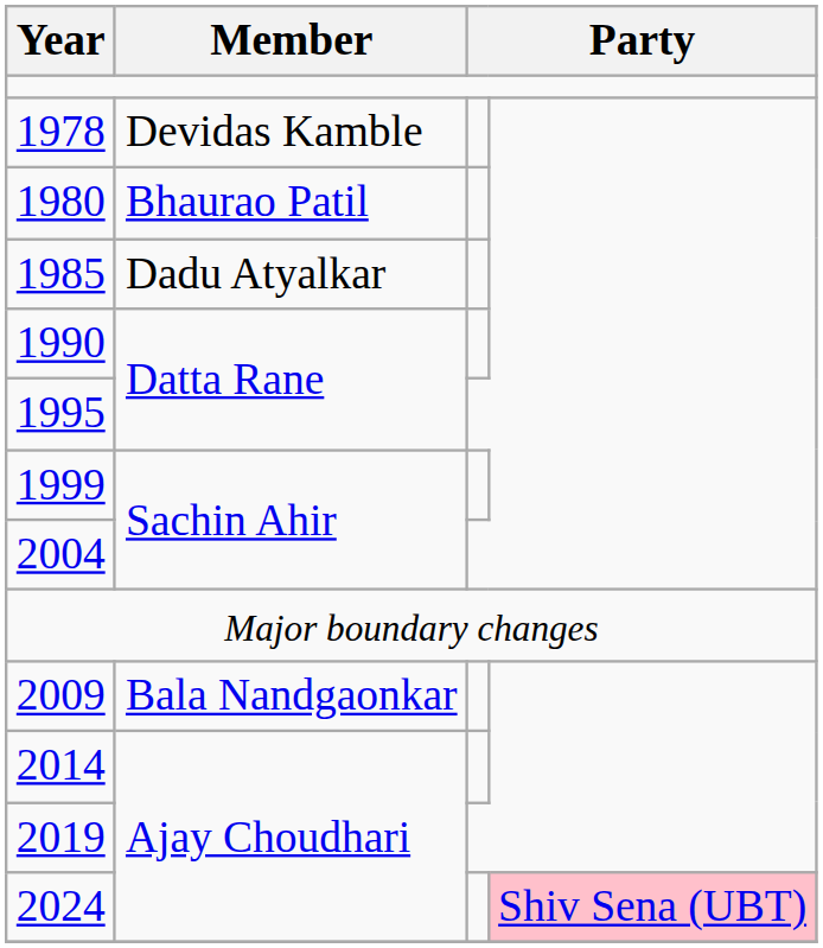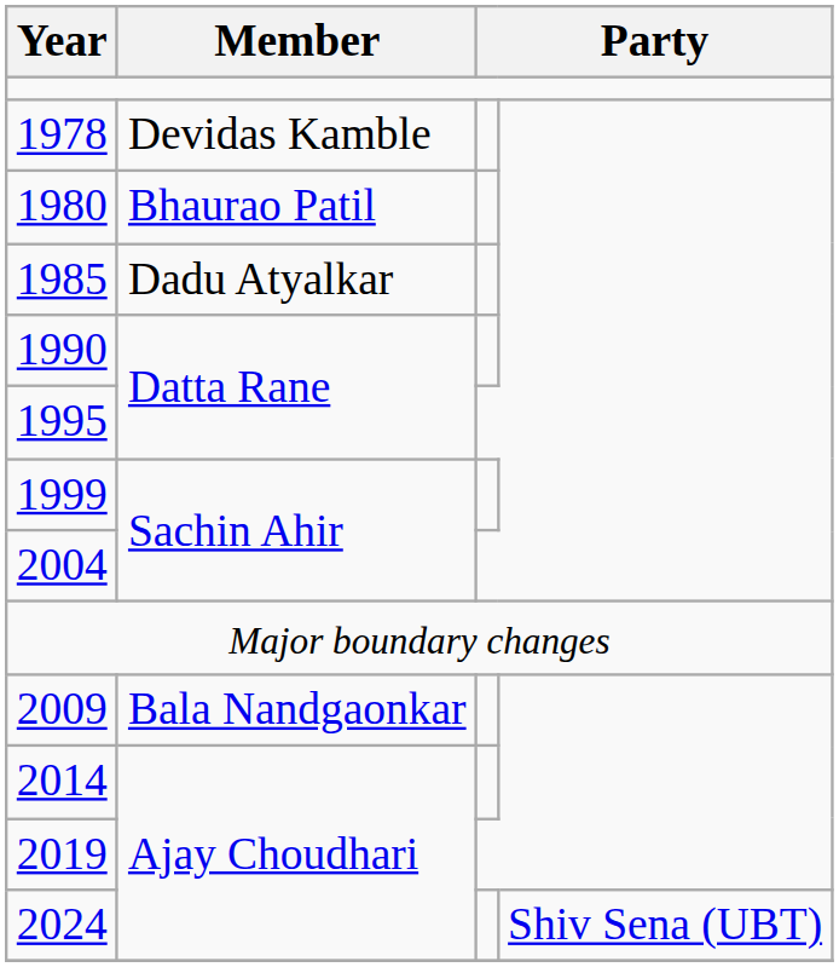 <table class="wikitable">
 <tr>
 <th>Year</th>
 <th>Member</th>
 <th colspan="2">Party</th>
 </tr>
 <tr>
 <td colspan="4"></td>
 </tr>
 <tr>
 <td><a href='#'>1978</a></td>
 <td>Devidas Kamble</td>
 <td></td>
 </tr>
 <tr>
 <td><a href='#'>1980</a></td>
 <td><a href='#'>Bhaurao Patil</a></td>
 <td></td>
 </tr>
 <tr>
 <td><a href='#'>1985</a></td>
 <td>Dadu Atyalkar</td>
 <td></td>
 </tr>
 <tr>
 <td><a href='#'>1990</a></td>
 <td rowspan="2"><a href='#'>Datta Rane</a></td>
 <td></td>
 </tr>
 <tr>
 <td><a href='#'>1995</a></td>
 </tr>
 <tr>
 <td><a href='#'>1999</a></td>
 <td rowspan="2"><a href='#'>Sachin Ahir</a></td>
 <td></td>
 </tr>
 <tr>
 <td><a href='#'>2004</a></td>
 </tr>
 <tr>
 <td colspan=4 align=center><small><em>Major boundary changes</em></small></td>
 </tr>
 <tr>
 <td><a href='#'>2009</a></td>
 <td><a href='#'>Bala Nandgaonkar</a></td>
 <td></td>
 </tr>
 <tr>
 <td><a href='#'>2014</a></td>
 <td rowspan="3"><a href='#'>Ajay Choudhari</a></td>
 <td></td>
 </tr>
 <tr>
 <td><a href='#'>2019</a></td>
 </tr>
 <tr>
 <td><a href='#'>2024</a></td>
 <td style="background-color: "></td>
-<td style="background: pink;"><a href='#'>Shiv Sena (UBT)</a></td>
+<td><a href='#'>Shiv Sena (UBT)</a></td>
 </tr>
 <tr>
 </tr>
 </table>
